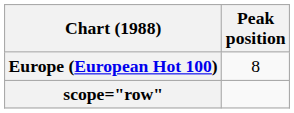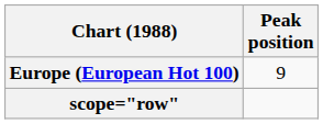 <table class="wikitable sortable plainrowheaders">
 <tr>
 <th>Chart (1988)</th>
 <th>Peak<br>position</th>
 </tr>
 <tr>
 <th scope="row">Europe (<a href='#'>European Hot 100</a>)</th>
-<td align="center">8</td>
+<td align="center">9</td>
 </tr>
 <tr>
 <th>scope="row"</th>
 </tr>
 </table>
